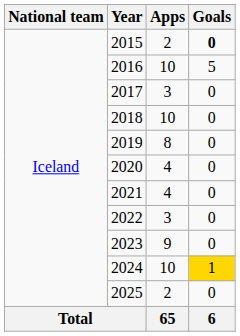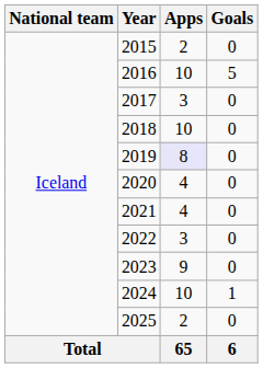 <table class="wikitable" style="text-align:center">
 <tr>
 <th>National team</th>
 <th>Year</th>
 <th>Apps</th>
 <th>Goals</th>
 </tr>
 <tr>
 <td rowspan="11"><a href='#'>Iceland</a></td>
 <td>2015</td>
 <td>2</td>
-<td><strong>0</strong></td>
+<td>0</td>
 </tr>
 <tr>
 <td>2016</td>
 <td>10</td>
 <td>5</td>
 </tr>
 <tr>
 <td>2017</td>
 <td>3</td>
 <td>0</td>
 </tr>
 <tr>
 <td>2018</td>
 <td>10</td>
 <td>0</td>
 </tr>
 <tr>
 <td>2019</td>
-<td>8</td>
+<td style="background: lavender;">8</td>
 <td>0</td>
 </tr>
 <tr>
 <td>2020</td>
 <td>4</td>
 <td>0</td>
 </tr>
 <tr>
 <td>2021</td>
 <td>4</td>
 <td>0</td>
 </tr>
 <tr>
 <td>2022</td>
 <td>3</td>
 <td>0</td>
 </tr>
 <tr>
 <td>2023</td>
 <td>9</td>
 <td>0</td>
 </tr>
 <tr>
 <td>2024</td>
 <td>10</td>
-<td style="background: gold;">1</td>
+<td>1</td>
 </tr>
 <tr>
 <td>2025</td>
 <td>2</td>
 <td>0</td>
 </tr>
 <tr>
 <th colspan="2">Total</th>
 <th>65</th>
 <th>6</th>
 </tr>
 </table>
